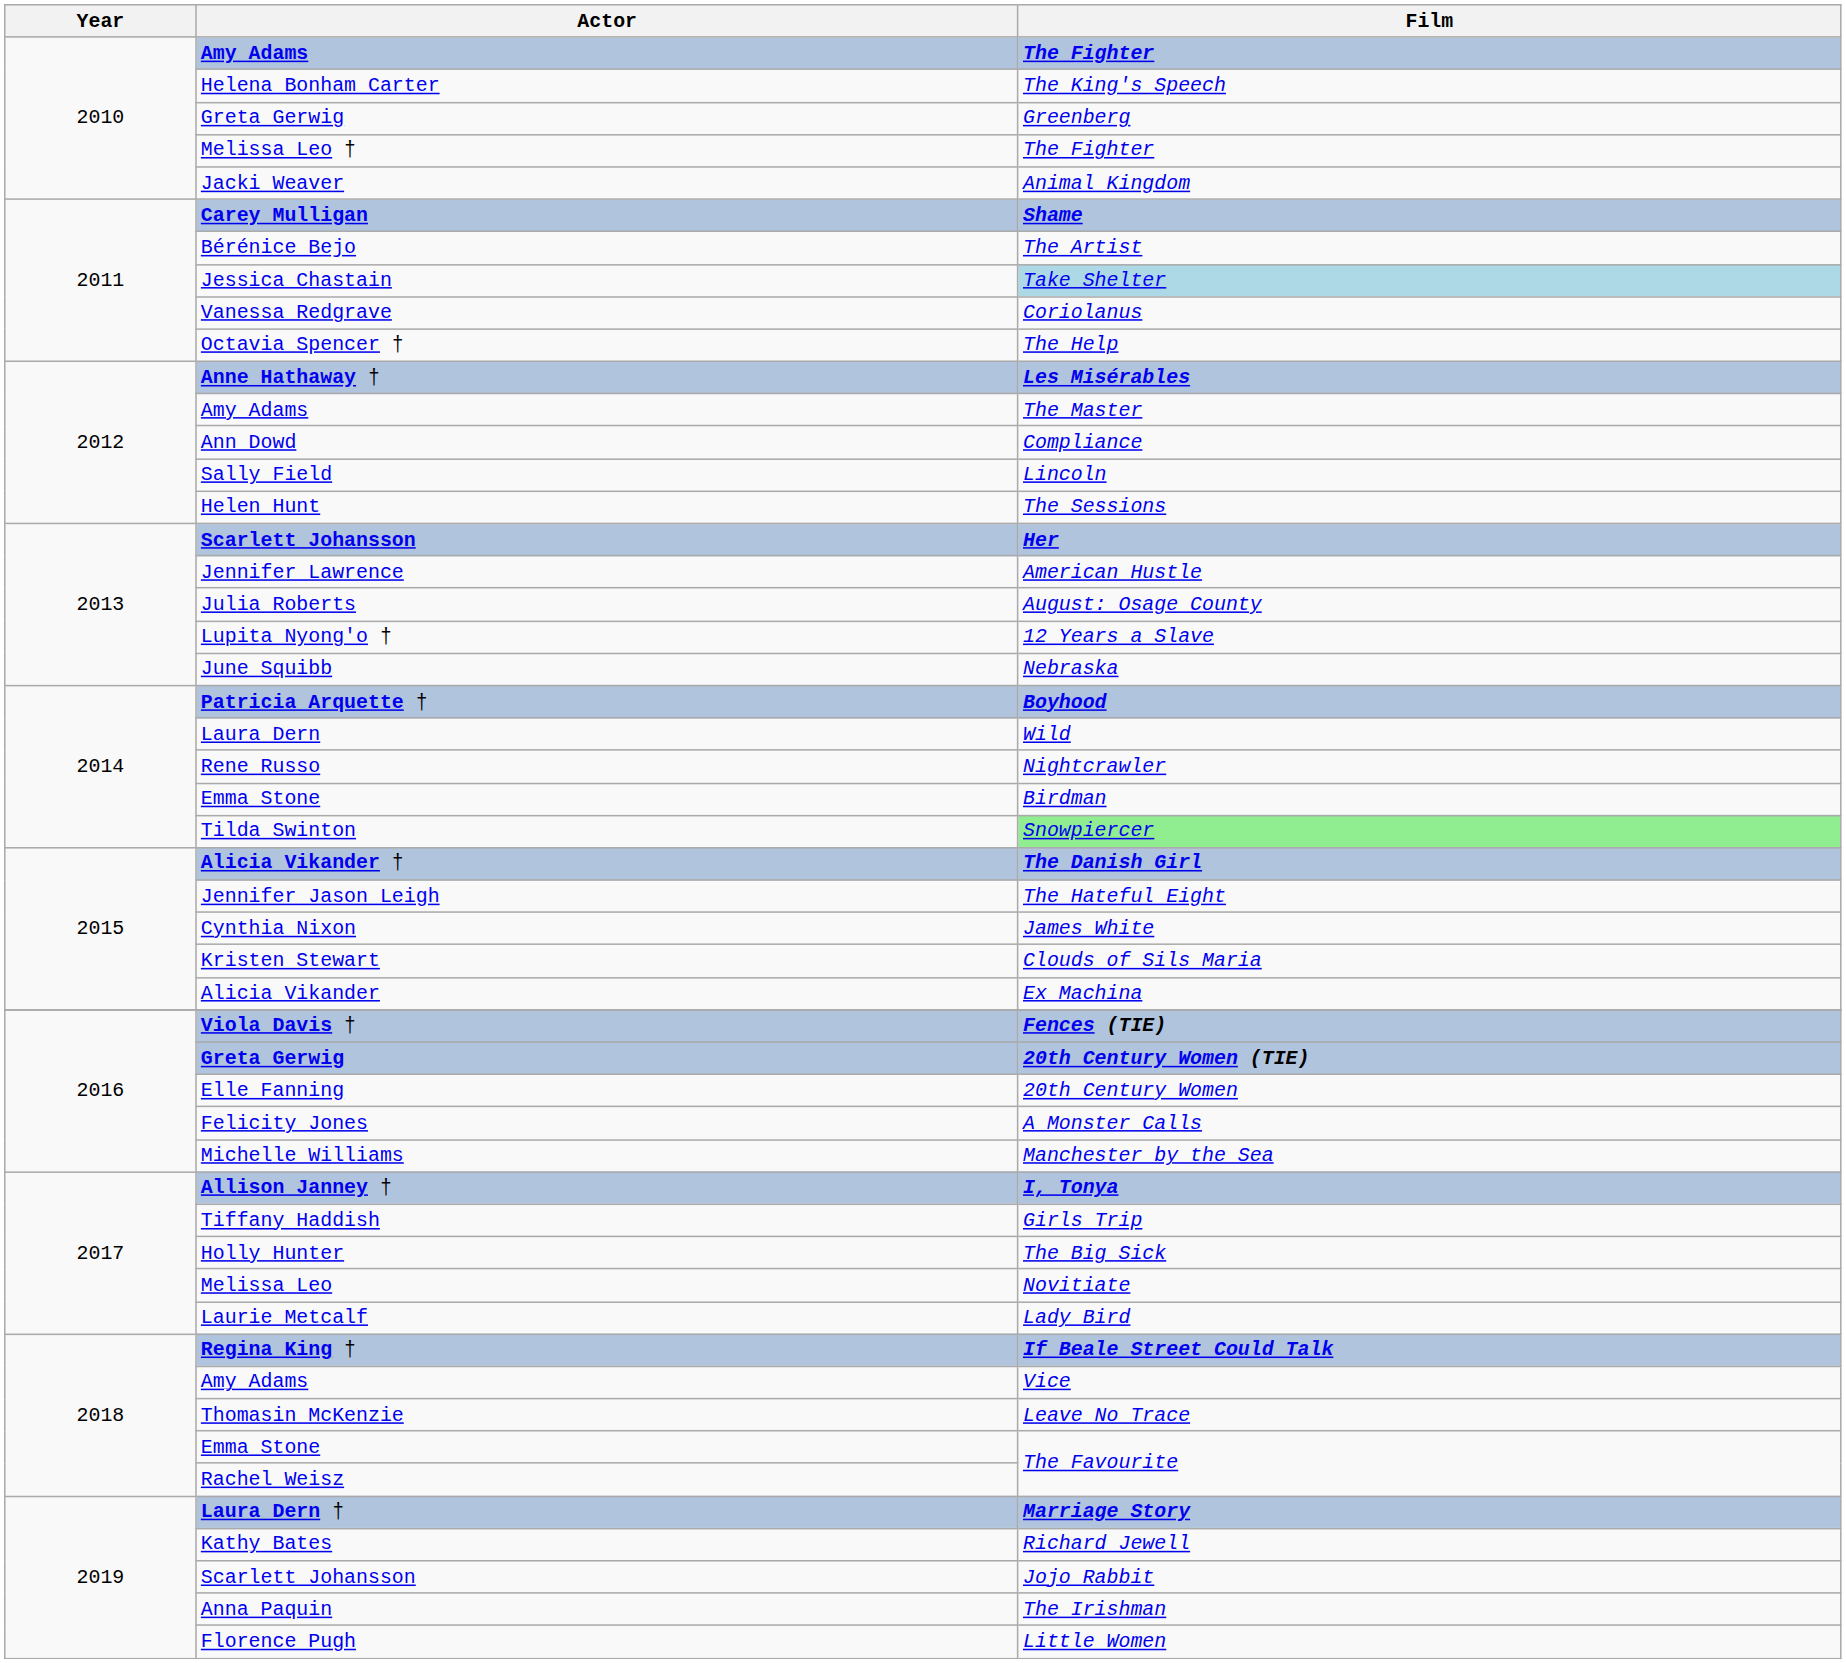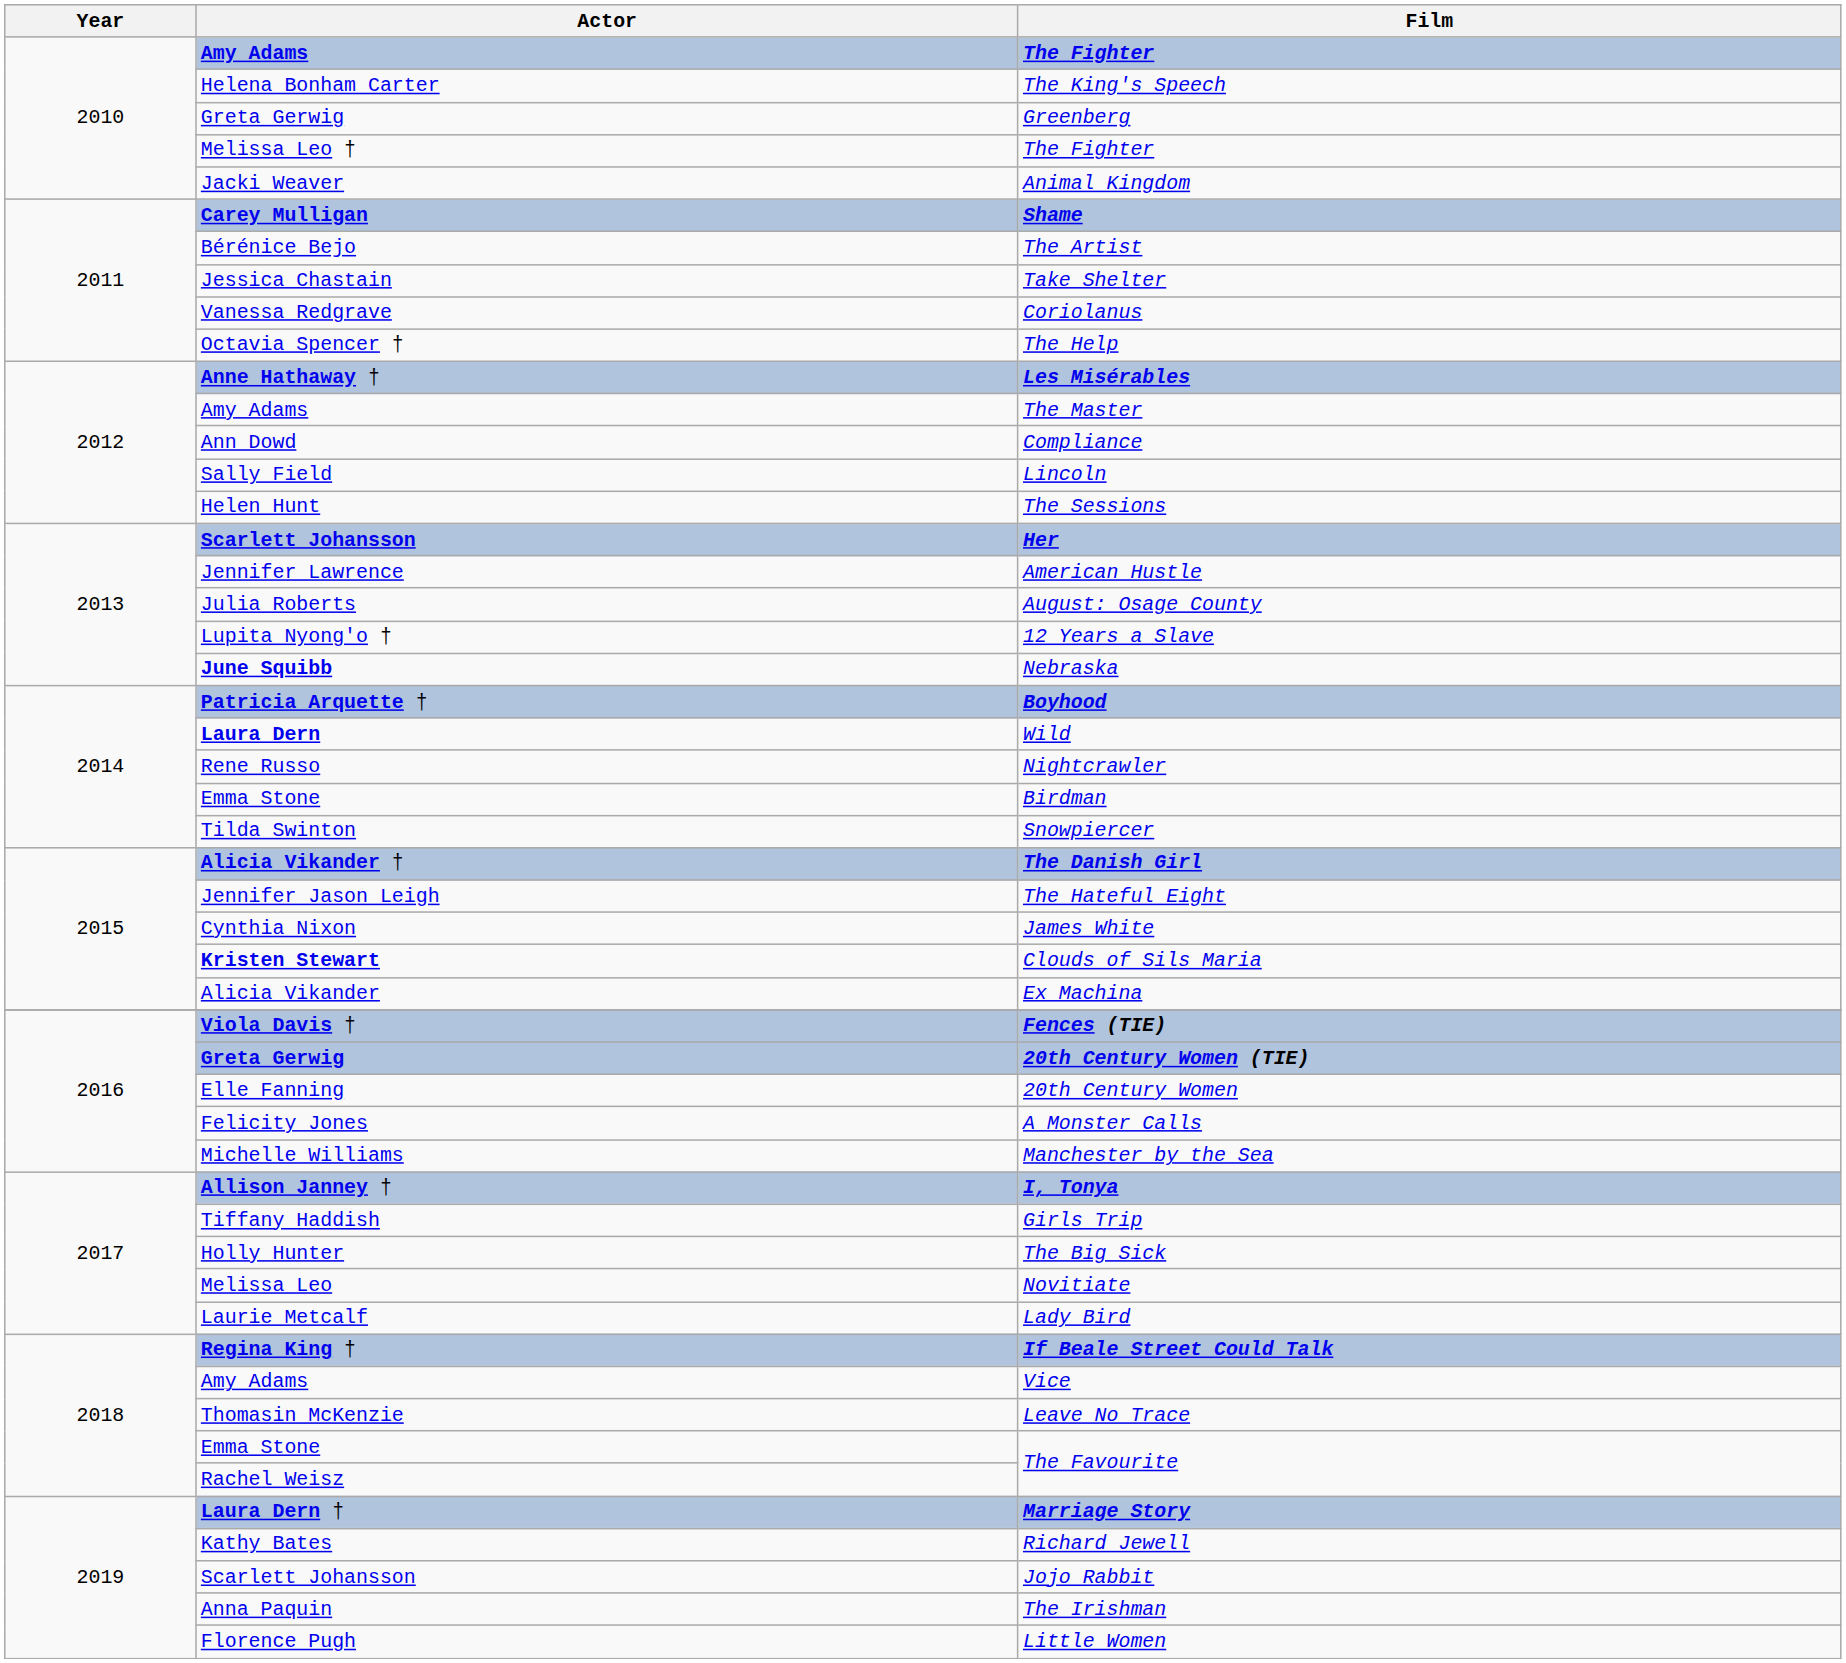 <table class="wikitable" width="95%" cellpadding="5">
 <tr>
 <th width="100"><strong>Year</strong></th>
 <th width="450"><strong>Actor</strong></th>
 <th width="450"><strong>Film</strong></th>
 </tr>
 <tr>
 <td rowspan=5 style="text-align:center;">2010<br></td>
 <td style="background:#B0C4DE;"><strong><a href='#'>Amy Adams</a></strong></td>
 <td style="background:#B0C4DE;"><strong><em><a href='#'>The Fighter</a></em></strong></td>
 </tr>
 <tr>
 <td><a href='#'>Helena Bonham Carter</a></td>
 <td><em><a href='#'>The King's Speech</a></em></td>
 </tr>
 <tr>
 <td><a href='#'>Greta Gerwig</a></td>
 <td><em><a href='#'>Greenberg</a></em></td>
 </tr>
 <tr>
 <td><a href='#'>Melissa Leo</a> †</td>
 <td><em><a href='#'>The Fighter</a></em></td>
 </tr>
 <tr>
 <td><a href='#'>Jacki Weaver</a></td>
 <td><em><a href='#'>Animal Kingdom</a></em></td>
 </tr>
 <tr>
 <td rowspan=5 style="text-align:center;">2011<br></td>
 <td style="background:#B0C4DE;"><strong><a href='#'>Carey Mulligan</a></strong></td>
 <td style="background:#B0C4DE;"><strong><em><a href='#'>Shame</a></em></strong></td>
 </tr>
 <tr>
 <td><a href='#'>Bérénice Bejo</a></td>
 <td><em><a href='#'>The Artist</a></em></td>
 </tr>
 <tr>
 <td><a href='#'>Jessica Chastain</a></td>
-<td style="background: lightblue;"><em><a href='#'>Take Shelter</a></em></td>
+<td><em><a href='#'>Take Shelter</a></em></td>
 </tr>
 <tr>
 <td><a href='#'>Vanessa Redgrave</a></td>
 <td><em><a href='#'>Coriolanus</a></em></td>
 </tr>
 <tr>
 <td><a href='#'>Octavia Spencer</a> †</td>
 <td><em><a href='#'>The Help</a></em></td>
 </tr>
 <tr>
 <td rowspan=5 style="text-align:center;">2012<br></td>
 <td style="background:#B0C4DE;"><strong><a href='#'>Anne Hathaway</a></strong> †</td>
 <td style="background:#B0C4DE;"><strong><em><a href='#'>Les Misérables</a></em></strong></td>
 </tr>
 <tr>
 <td><a href='#'>Amy Adams</a></td>
 <td><em><a href='#'>The Master</a></em></td>
 </tr>
 <tr>
 <td><a href='#'>Ann Dowd</a></td>
 <td><em><a href='#'>Compliance</a></em></td>
 </tr>
 <tr>
 <td><a href='#'>Sally Field</a></td>
 <td><em><a href='#'>Lincoln</a></em></td>
 </tr>
 <tr>
 <td><a href='#'>Helen Hunt</a></td>
 <td><em><a href='#'>The Sessions</a></em></td>
 </tr>
 <tr>
 <td rowspan=5 style="text-align:center;">2013<br></td>
 <td style="background:#B0C4DE;"><strong><a href='#'>Scarlett Johansson</a></strong></td>
 <td style="background:#B0C4DE;"><strong><em><a href='#'>Her</a></em></strong></td>
 </tr>
 <tr>
 <td><a href='#'>Jennifer Lawrence</a></td>
 <td><em><a href='#'>American Hustle</a></em></td>
 </tr>
 <tr>
 <td><a href='#'>Julia Roberts</a></td>
 <td><em><a href='#'>August: Osage County</a></em></td>
 </tr>
 <tr>
 <td><a href='#'>Lupita Nyong'o</a> †</td>
 <td><em><a href='#'>12 Years a Slave</a></em></td>
 </tr>
 <tr>
-<td><a href='#'>June Squibb</a></td>
+<td><strong><a href='#'>June Squibb</a></strong></td>
 <td><em><a href='#'>Nebraska</a></em></td>
 </tr>
 <tr>
 <td rowspan=5 style="text-align:center;">2014<br></td>
 <td style="background:#B0C4DE;"><strong><a href='#'>Patricia Arquette</a></strong> †</td>
 <td style="background:#B0C4DE;"><strong><em><a href='#'>Boyhood</a></em></strong></td>
 </tr>
 <tr>
-<td><a href='#'>Laura Dern</a></td>
+<td><strong><a href='#'>Laura Dern</a></strong></td>
 <td><em><a href='#'>Wild</a></em></td>
 </tr>
 <tr>
 <td><a href='#'>Rene Russo</a></td>
 <td><em><a href='#'>Nightcrawler</a></em></td>
 </tr>
 <tr>
 <td><a href='#'>Emma Stone</a></td>
 <td><em><a href='#'>Birdman</a></em></td>
 </tr>
 <tr>
 <td><a href='#'>Tilda Swinton</a></td>
-<td style="background: lightgreen;"><em><a href='#'>Snowpiercer</a></em></td>
+<td><em><a href='#'>Snowpiercer</a></em></td>
 </tr>
 <tr>
 <td rowspan=5 style="text-align:center;">2015<br></td>
 <td style="background:#B0C4DE;"><strong><a href='#'>Alicia Vikander</a></strong> †</td>
 <td style="background:#B0C4DE;"><strong><em><a href='#'>The Danish Girl</a></em></strong></td>
 </tr>
 <tr>
 <td><a href='#'>Jennifer Jason Leigh</a></td>
 <td><em><a href='#'>The Hateful Eight</a></em></td>
 </tr>
 <tr>
 <td><a href='#'>Cynthia Nixon</a></td>
 <td><em><a href='#'>James White</a></em></td>
 </tr>
 <tr>
-<td><a href='#'>Kristen Stewart</a></td>
+<td><strong><a href='#'>Kristen Stewart</a></strong></td>
 <td><em><a href='#'>Clouds of Sils Maria</a></em></td>
 </tr>
 <tr>
 <td><a href='#'>Alicia Vikander</a></td>
 <td><em><a href='#'>Ex Machina</a></em></td>
 </tr>
 <tr>
 </tr>
 <tr>
 <td rowspan=5 style="text-align:center;">2016<br></td>
 <td style="background:#B0C4DE;"><strong><a href='#'>Viola Davis</a></strong> †</td>
 <td style="background:#B0C4DE;"><strong><em><a href='#'>Fences</a> (TIE)</em></strong></td>
 </tr>
 <tr>
 <td style="background:#B0C4DE;"><strong><a href='#'>Greta Gerwig</a></strong></td>
 <td style="background:#B0C4DE;"><strong><em><a href='#'>20th Century Women</a> (TIE)</em></strong></td>
 </tr>
 <tr>
 <td><a href='#'>Elle Fanning</a></td>
 <td><em><a href='#'>20th Century Women</a></em></td>
 </tr>
 <tr>
 <td><a href='#'>Felicity Jones</a></td>
 <td><em><a href='#'>A Monster Calls</a></em></td>
 </tr>
 <tr>
 <td><a href='#'>Michelle Williams</a></td>
 <td><em><a href='#'>Manchester by the Sea</a></em></td>
 </tr>
 <tr>
 <td rowspan=5 style="text-align:center;">2017<br></td>
 <td style="background:#B0C4DE;"><strong><a href='#'>Allison Janney</a></strong> †</td>
 <td style="background:#B0C4DE;"><strong><em><a href='#'>I, Tonya</a></em></strong></td>
 </tr>
 <tr>
 <td><a href='#'>Tiffany Haddish</a></td>
 <td><em><a href='#'>Girls Trip</a></em></td>
 </tr>
 <tr>
 <td><a href='#'>Holly Hunter</a></td>
 <td><em><a href='#'>The Big Sick</a></em></td>
 </tr>
 <tr>
 <td><a href='#'>Melissa Leo</a></td>
 <td><em><a href='#'>Novitiate</a></em></td>
 </tr>
 <tr>
 <td><a href='#'>Laurie Metcalf</a></td>
 <td><em><a href='#'>Lady Bird</a></em></td>
 </tr>
 <tr>
 <td rowspan=5 style="text-align:center;">2018<br></td>
 <td style="background:#B0C4DE;"><strong><a href='#'>Regina King</a></strong> †</td>
 <td style="background:#B0C4DE;"><strong><em><a href='#'>If Beale Street Could Talk</a></em></strong></td>
 </tr>
 <tr>
 <td><a href='#'>Amy Adams</a></td>
 <td><em><a href='#'>Vice</a></em></td>
 </tr>
 <tr>
 <td><a href='#'>Thomasin McKenzie</a></td>
 <td><em><a href='#'>Leave No Trace</a></em></td>
 </tr>
 <tr>
 <td><a href='#'>Emma Stone</a></td>
 <td rowspan="2"><em><a href='#'>The Favourite</a></em></td>
 </tr>
 <tr>
 <td><a href='#'>Rachel Weisz</a></td>
 </tr>
 <tr>
 <td rowspan=5 style="text-align:center;">2019<br></td>
 <td style="background:#B0C4DE;"><strong><a href='#'>Laura Dern</a></strong> †</td>
 <td style="background:#B0C4DE;"><strong><em><a href='#'>Marriage Story</a></em></strong></td>
 </tr>
 <tr>
 <td><a href='#'>Kathy Bates</a></td>
 <td><em><a href='#'>Richard Jewell</a></em></td>
 </tr>
 <tr>
 <td><a href='#'>Scarlett Johansson</a></td>
 <td><em><a href='#'>Jojo Rabbit</a></em></td>
 </tr>
 <tr>
 <td><a href='#'>Anna Paquin</a></td>
 <td><em><a href='#'>The Irishman</a></em></td>
 </tr>
 <tr>
 <td><a href='#'>Florence Pugh</a></td>
 <td><em><a href='#'>Little Women</a></em></td>
 </tr>
 </table>
